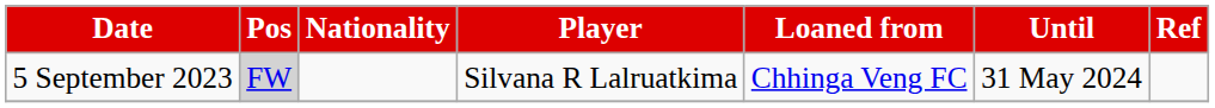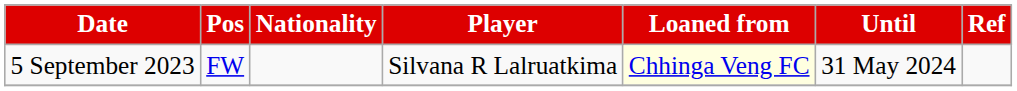 <table class="wikitable" style="text-align:center;">
 <tr>
 <th style="background:#DD0000; color:#FFFFFF; ">Date</th>
 <th style="background:#DD0000; color:#FFFFFF; ">Pos</th>
 <th style="background:#DD0000; color:#FFFFFF; ">Nationality</th>
 <th style="background:#DD0000; color:#FFFFFF; ">Player</th>
 <th style="background:#DD0000; color:#FFFFFF; ">Loaned from</th>
 <th style="background:#DD0000; color:#FFFFFF; ">Until</th>
 <th style="background:#DD0000; color:#FFFFFF; ">Ref</th>
 </tr>
 <tr>
 <td>5 September 2023</td>
-<td style="background: lightgrey;"><a href='#'>FW</a></td>
+<td><a href='#'>FW</a></td>
 <td></td>
 <td>Silvana R Lalruatkima</td>
-<td> <a href='#'>Chhinga Veng FC</a></td>
+<td style="background: lightyellow;"> <a href='#'>Chhinga Veng FC</a></td>
 <td>31 May 2024</td>
 <td></td>
 </tr>
 <tr>
 </tr>
 </table>
